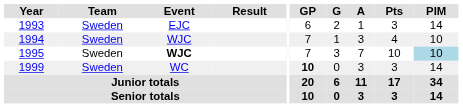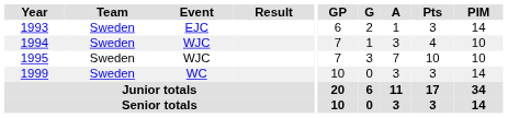 <table border="0" cellpadding="1" cellspacing="0" ID="Table3" style="text-align:center; width:40em">
 <tr ALIGN="center" bgcolor="#e0e0e0">
 <th>Year</th>
 <th>Team</th>
 <th>Event</th>
 <th>Result</th>
 <th rowspan="99" bgcolor="#ffffff"></th>
 <th>GP</th>
 <th>G</th>
 <th>A</th>
 <th>Pts</th>
 <th>PIM</th>
 </tr>
 <tr>
 <td><a href='#'>1993</a></td>
 <td><a href='#'>Sweden</a></td>
 <td><a href='#'>EJC</a></td>
 <td></td>
 <td>6</td>
 <td>2</td>
 <td>1</td>
 <td>3</td>
 <td>14</td>
 </tr>
 <tr bgcolor="#f0f0f0">
 <td><a href='#'>1994</a></td>
 <td><a href='#'>Sweden</a></td>
 <td><a href='#'>WJC</a></td>
 <td></td>
 <td>7</td>
 <td>1</td>
 <td>3</td>
 <td>4</td>
 <td>10</td>
 </tr>
 <tr>
 <td><a href='#'>1995</a></td>
 <td>Sweden</td>
-<td><strong>WJC</strong></td>
+<td>WJC</td>
 <td></td>
 <td>7</td>
 <td>3</td>
 <td>7</td>
 <td>10</td>
-<td style="background: lightblue;">10</td>
+<td>10</td>
 </tr>
 <tr bgcolor="#f0f0f0">
 <td><a href='#'>1999</a></td>
 <td><a href='#'>Sweden</a></td>
 <td><a href='#'>WC</a></td>
 <td></td>
-<td><strong>10</strong></td>
+<td>10</td>
 <td>0</td>
 <td>3</td>
 <td>3</td>
 <td>14</td>
 </tr>
 <tr bgcolor="#e0e0e0">
 <th colspan="4">Junior totals</th>
 <th>20</th>
 <th>6</th>
 <th>11</th>
 <th>17</th>
 <th>34</th>
 </tr>
 <tr bgcolor="#e0e0e0">
 <th colspan="4">Senior totals</th>
 <th>10</th>
 <th>0</th>
 <th>3</th>
 <th>3</th>
 <th>14</th>
 </tr>
 </table>
